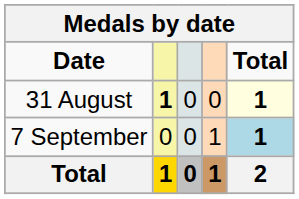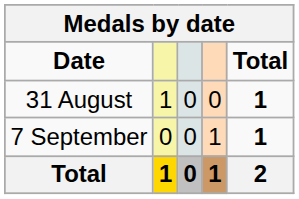 <table class="wikitable" style="font-size:85%">
 <tr bgcolor="#efefef">
 <th colspan=6>Medals by date</th>
 </tr>
 <tr align=center>
 <td><strong>Date</strong></td>
 <td bgcolor=#f7f6a8></td>
 <td bgcolor=#dce5e5></td>
 <td bgcolor=#ffdab9></td>
 <td><strong>Total</strong></td>
 </tr>
 <tr align=center>
 <td>31 August</td>
-<td style="background:#F7F6A8;"><strong>1</strong></td>
+<td style="background:#F7F6A8;">1</td>
 <td style="background:#DCE5E5;">0</td>
 <td style="background:#FFDAB9;">0</td>
-<td style="background: lightyellow;"><strong>1</strong></td>
+<td><strong>1</strong></td>
 </tr>
 <tr align=center>
 <td>7 September</td>
 <td style="background:#F7F6A8;">0</td>
 <td style="background:#DCE5E5;">0</td>
 <td style="background:#FFDAB9;">1</td>
-<td style="background: lightblue;"><strong>1</strong></td>
+<td><strong>1</strong></td>
 </tr>
 <tr align=center>
 <th><strong>Total</strong></th>
 <th style="background:gold;"><strong>1</strong></th>
 <th style="background:silver;"><strong>0</strong></th>
 <th style="background:#c96;"><strong>1</strong></th>
 <th>2</th>
 </tr>
 </table>
